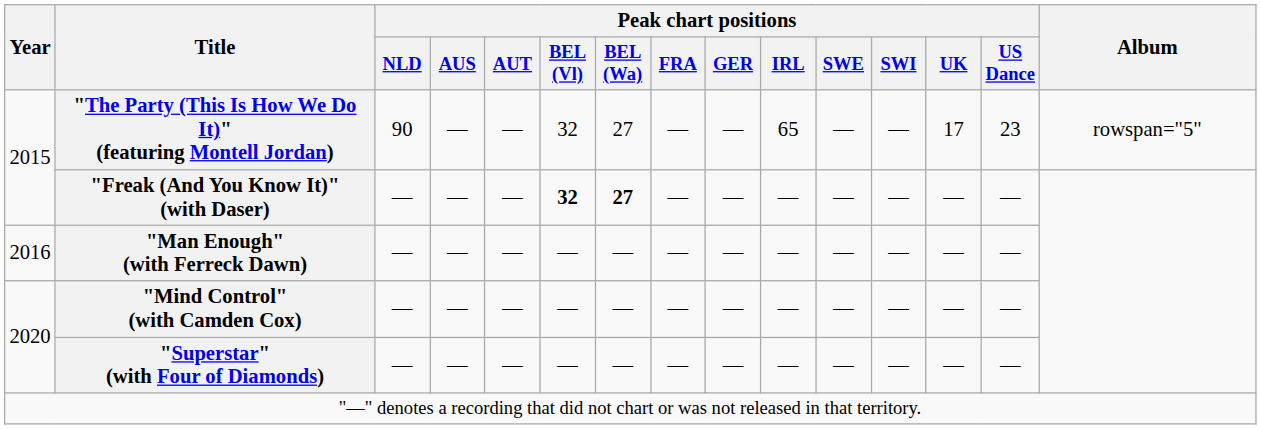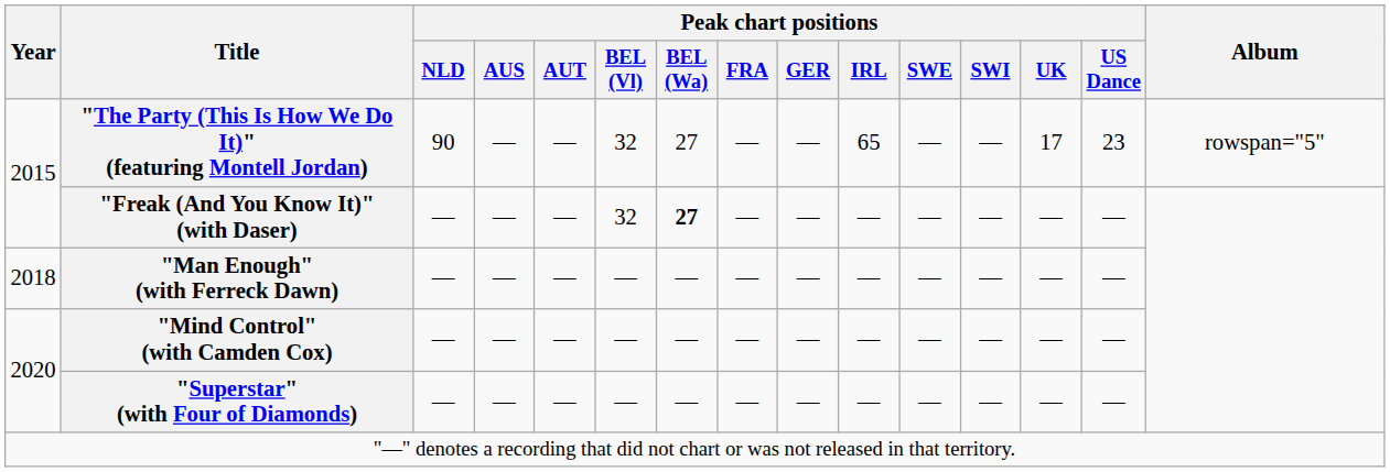 <table class="wikitable plainrowheaders" style="text-align:center;">
 <tr>
 <th scope="col" rowspan="2" style="width:1em;">Year</th>
 <th scope="col" rowspan="2" style="width:15em;">Title</th>
 <th scope="col" colspan="12">Peak chart positions</th>
 <th scope="col" rowspan="2" style="width:10em;">Album</th>
 </tr>
 <tr>
 <th scope="col" style="width:2.5em;font-size:90%;"><a href='#'>NLD</a><br></th>
 <th scope="col" style="width:2.5em;font-size:90%;"><a href='#'>AUS</a><br></th>
 <th scope="col" style="width:2.5em;font-size:90%;"><a href='#'>AUT</a><br></th>
 <th scope="col" style="width:2.5em;font-size:90%;"><a href='#'>BEL (Vl)</a><br></th>
 <th scope="col" style="width:2.5em;font-size:90%;"><a href='#'>BEL (Wa)</a><br></th>
 <th scope="col" style="width:2.5em;font-size:90%;"><a href='#'>FRA</a><br></th>
 <th scope="col" style="width:2.5em;font-size:90%;"><a href='#'>GER</a><br></th>
 <th scope="col" style="width:2.5em;font-size:90%;"><a href='#'>IRL</a><br></th>
 <th scope="col" style="width:2.5em;font-size:90%;"><a href='#'>SWE</a><br></th>
 <th scope="col" style="width:2.5em;font-size:90%;"><a href='#'>SWI</a><br></th>
 <th scope="col" style="width:2.5em;font-size:90%;"><a href='#'>UK</a><br></th>
 <th scope="col" style="width:2.5em;font-size:90%;"><a href='#'>US<br>Dance</a><br></th>
 </tr>
 <tr>
 <td rowspan="2">2015</td>
 <th scope="row">"<a href='#'>The Party (This Is How We Do It)</a>" <br><span>(featuring <a href='#'>Montell Jordan</a>)</span></th>
 <td>90</td>
 <td>—</td>
 <td>—</td>
 <td>32</td>
 <td>27</td>
 <td>—</td>
 <td>—</td>
 <td>65</td>
 <td>—</td>
 <td>—</td>
 <td>17</td>
 <td>23</td>
 <td>rowspan="5" </td>
 </tr>
 <tr>
 <th scope="row">"Freak (And You Know It)" <br><span>(with Daser)</span></th>
 <td>—</td>
 <td>—</td>
 <td>—</td>
-<td><strong>32</strong></td>
+<td>32</td>
 <td><strong>27</strong></td>
 <td>—</td>
 <td>—</td>
 <td>—</td>
 <td>—</td>
 <td>—</td>
 <td>—</td>
 <td>—</td>
 </tr>
 <tr>
-<td rowspan="1">2016</td>
+<td rowspan="1">2018</td>
 <th scope="row">"Man Enough" <br><span>(with Ferreck Dawn)</span></th>
 <td>—</td>
 <td>—</td>
 <td>—</td>
 <td>—</td>
 <td>—</td>
 <td>—</td>
 <td>—</td>
 <td>—</td>
 <td>—</td>
 <td>—</td>
 <td>—</td>
 <td>—</td>
 </tr>
 <tr>
 <td rowspan="2">2020</td>
 <th scope="row">"Mind Control" <br><span>(with Camden Cox)</span></th>
 <td>—</td>
 <td>—</td>
 <td>—</td>
 <td>—</td>
 <td>—</td>
 <td>—</td>
 <td>—</td>
 <td>—</td>
 <td>—</td>
 <td>—</td>
 <td>—</td>
 <td>—</td>
 </tr>
 <tr>
 <th scope="row">"<a href='#'>Superstar</a>" <br><span>(with <a href='#'>Four of Diamonds</a>)</span></th>
 <td>—</td>
 <td>—</td>
 <td>—</td>
 <td>—</td>
 <td>—</td>
 <td>—</td>
 <td>—</td>
 <td>—</td>
 <td>—</td>
 <td>—</td>
 <td>—</td>
 <td>—</td>
 </tr>
 <tr>
 <td colspan="18" style="font-size:90%">"—" denotes a recording that did not chart or was not released in that territory.</td>
 </tr>
 </table>
